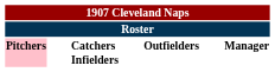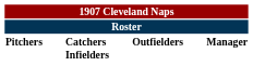 <table class="toccolours" style="font-size: 95%;">
 <tr>
 <th colspan="10" style="background-color: #990000; color: white; text-align: center;">1907 Cleveland Naps</th>
 </tr>
 <tr>
 <td colspan="10" style="background-color: #023456; color: white; text-align: center;"><strong>Roster</strong></td>
 </tr>
 <tr>
-<td valign="top" style="background: pink;"><strong>Pitchers</strong><br>        </td>
+<td valign="top"><strong>Pitchers</strong><br>        </td>
 <td width="25px"></td>
 <td valign="top"><strong>Catchers</strong><br>   <strong>Infielders</strong>        </td>
 <td width="25px"></td>
 <td valign="top"><strong>Outfielders</strong><br>     </td>
 <td width="25px"></td>
 <td valign="top"><strong>Manager</strong><br></td>
 </tr>
 </table>
